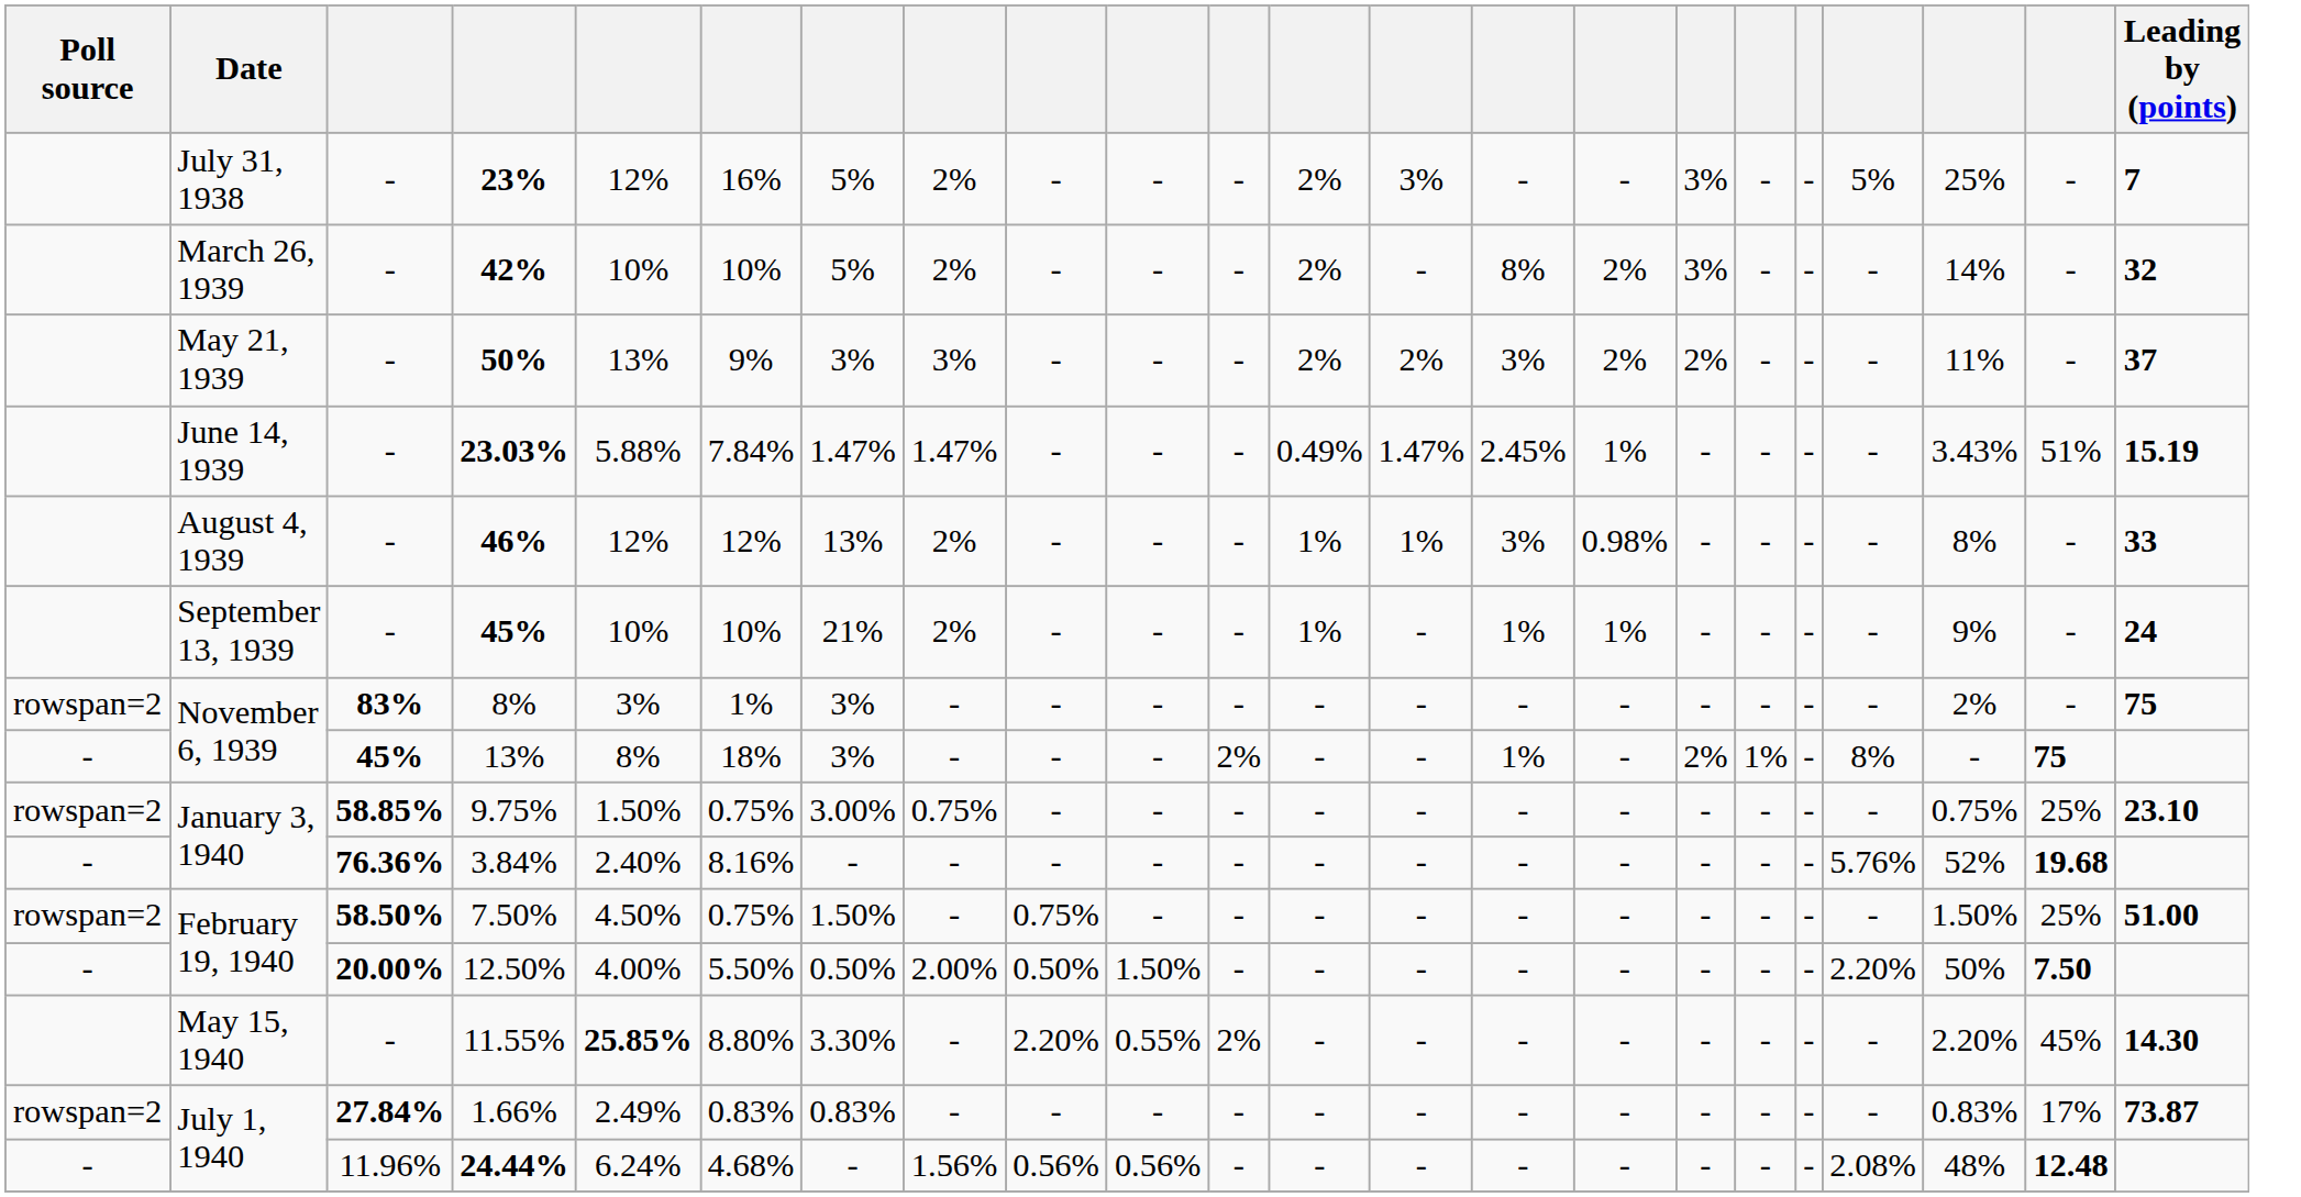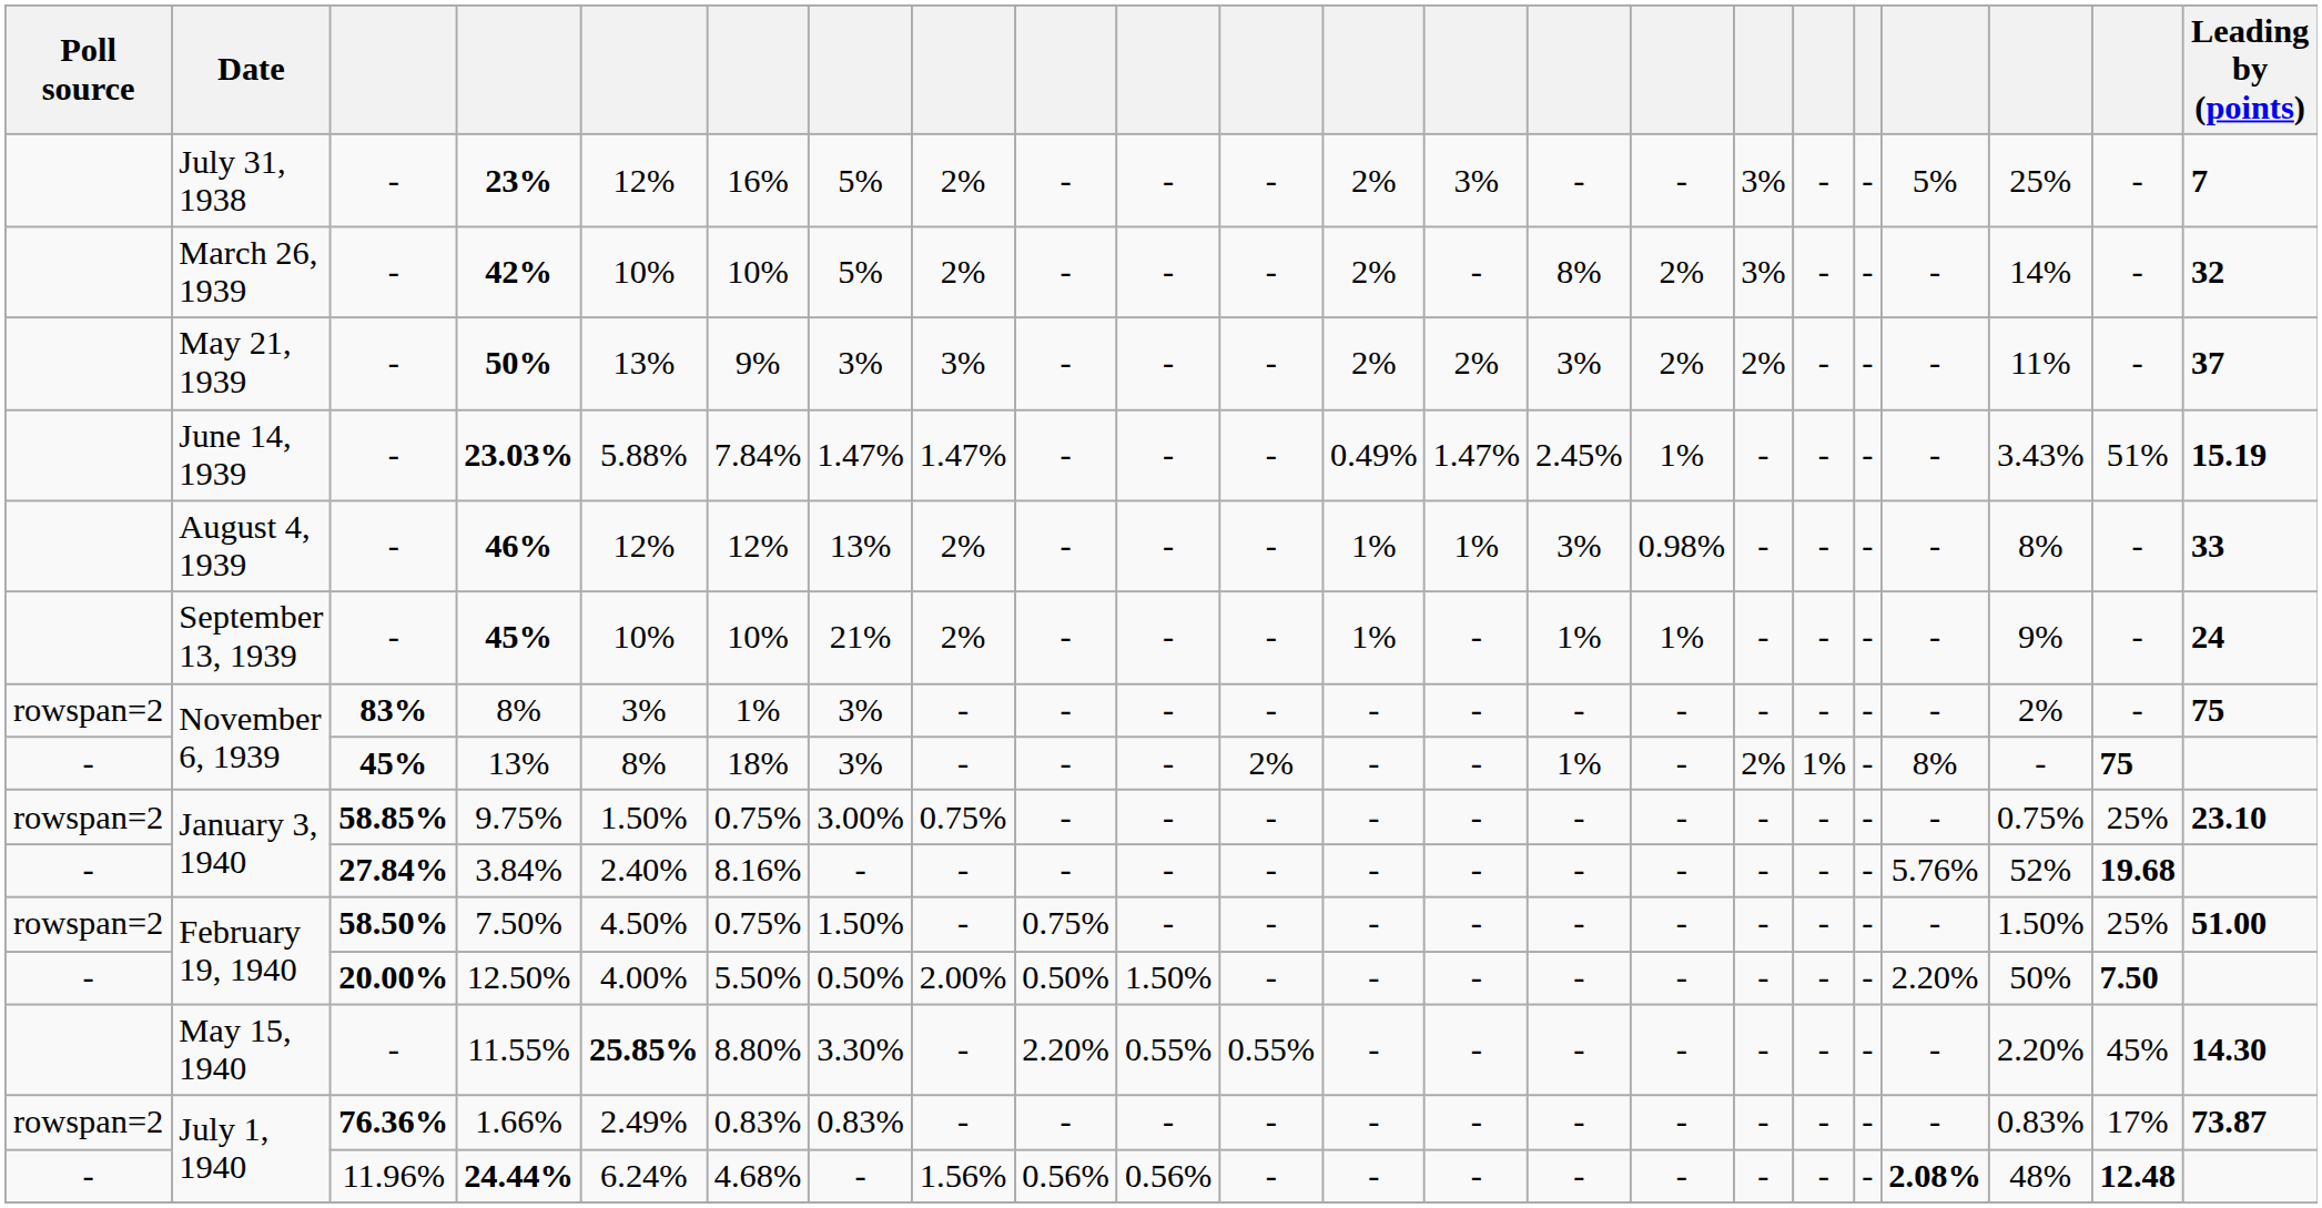 <table class="wikitable sortable">
 <tr>
 <th>Poll source</th>
 <th>Date</th>
 <th></th>
 <th></th>
 <th></th>
 <th></th>
 <th></th>
 <th></th>
 <th></th>
 <th></th>
 <th></th>
 <th></th>
 <th></th>
 <th></th>
 <th></th>
 <th></th>
 <th></th>
 <th></th>
 <th></th>
 <th></th>
 <th></th>
 <th>Leading by<br>(<a href='#'>points</a>)</th>
 </tr>
 <tr>
 <td></td>
 <td>July 31, 1938</td>
 <td align="center">-</td>
 <td align="center" ><strong>23%</strong></td>
 <td align="center">12%</td>
 <td align="center">16%</td>
 <td align="center">5%</td>
 <td align="center">2%</td>
 <td align="center">-</td>
 <td align="center">-</td>
 <td align="center">-</td>
 <td align="center">2%</td>
 <td align="center">3%</td>
 <td align="center">-</td>
 <td align="center">-</td>
 <td align="center">3%</td>
 <td align="center">-</td>
 <td align="center">-</td>
 <td align="center">5%</td>
 <td align="center">25%</td>
 <td align="center">- </td>
 <td><strong>7</strong></td>
 </tr>
 <tr>
 <td></td>
 <td>March 26, 1939</td>
 <td align="center">-</td>
 <td align="center" ><strong>42%</strong></td>
 <td align="center">10%</td>
 <td align="center">10%</td>
 <td align="center">5%</td>
 <td align="center">2%</td>
 <td align="center">-</td>
 <td align="center">-</td>
 <td align="center">-</td>
 <td align="center">2%</td>
 <td align="center">-</td>
 <td align="center">8%</td>
 <td align="center">2%</td>
 <td align="center">3%</td>
 <td align="center">-</td>
 <td align="center">-</td>
 <td align="center">-</td>
 <td align="center">14%</td>
 <td align="center">- </td>
 <td><strong>32</strong></td>
 </tr>
 <tr>
 <td></td>
 <td>May 21, 1939</td>
 <td align="center">-</td>
 <td align="center" ><strong>50%</strong></td>
 <td align="center">13%</td>
 <td align="center">9%</td>
 <td align="center">3%</td>
 <td align="center">3%</td>
 <td align="center">-</td>
 <td align="center">-</td>
 <td align="center">-</td>
 <td align="center">2%</td>
 <td align="center">2%</td>
 <td align="center">3%</td>
 <td align="center">2%</td>
 <td align="center">2%</td>
 <td align="center">-</td>
 <td align="center">-</td>
 <td align="center">-</td>
 <td align="center">11%</td>
 <td align="center">- </td>
 <td><strong>37</strong></td>
 </tr>
 <tr>
 <td></td>
 <td>June 14, 1939</td>
 <td align="center">-</td>
 <td align="center" ><strong>23.03%</strong></td>
 <td align="center">5.88%</td>
 <td align="center">7.84%</td>
 <td align="center">1.47%</td>
 <td align="center">1.47%</td>
 <td align="center">-</td>
 <td align="center">-</td>
 <td align="center">-</td>
 <td align="center">0.49%</td>
 <td align="center">1.47%</td>
 <td align="center">2.45%</td>
 <td align="center">1%</td>
 <td align="center">-</td>
 <td align="center">-</td>
 <td align="center">-</td>
 <td align="center">-</td>
 <td align="center">3.43%</td>
 <td align="center">51%</td>
 <td><strong>15.19</strong></td>
 </tr>
 <tr>
 <td></td>
 <td>August 4, 1939</td>
 <td align="center">-</td>
 <td align="center" ><strong>46%</strong></td>
 <td align="center">12%</td>
 <td align="center">12%</td>
 <td align="center">13%</td>
 <td align="center">2%</td>
 <td align="center">-</td>
 <td align="center">-</td>
 <td align="center">-</td>
 <td align="center">1%</td>
 <td align="center">1%</td>
 <td align="center">3%</td>
 <td align="center">0.98%</td>
 <td align="center">-</td>
 <td align="center">-</td>
 <td align="center">-</td>
 <td align="center">-</td>
 <td align="center">8%</td>
 <td align="center">- </td>
 <td><strong>33</strong></td>
 </tr>
 <tr>
 <td></td>
 <td>September 13, 1939</td>
 <td align="center">-</td>
 <td align="center" ><strong>45%</strong></td>
 <td align="center">10%</td>
 <td align="center">10%</td>
 <td align="center">21%</td>
 <td align="center">2%</td>
 <td align="center">-</td>
 <td align="center">-</td>
 <td align="center">-</td>
 <td align="center">1%</td>
 <td align="center">-</td>
 <td align="center">1%</td>
 <td align="center">1%</td>
 <td align="center">-</td>
 <td align="center">-</td>
 <td align="center">-</td>
 <td align="center">-</td>
 <td align="center">9%</td>
 <td align="center">- </td>
 <td><strong>24</strong></td>
 </tr>
 <tr>
 <td>rowspan=2 </td>
 <td rowspan=2>November 6, 1939</td>
 <td align="center" ><strong>83%</strong></td>
 <td align="center">8%</td>
 <td align="center">3%</td>
 <td align="center">1%</td>
 <td align="center">3%</td>
 <td align="center">-</td>
 <td align="center">-</td>
 <td align="center">-</td>
 <td align="center">-</td>
 <td align="center">-</td>
 <td align="center">-</td>
 <td align="center">-</td>
 <td align="center">-</td>
 <td align="center">-</td>
 <td align="center">-</td>
 <td align="center">-</td>
 <td align="center">-</td>
 <td align="center">2%</td>
 <td align="center">- </td>
 <td><strong>75</strong></td>
 </tr>
 <tr>
 <td align="center">-</td>
 <td align="center" ><strong>45%</strong></td>
 <td align="center">13%</td>
 <td align="center">8%</td>
 <td align="center">18%</td>
 <td align="center">3%</td>
 <td align="center">-</td>
 <td align="center">-</td>
 <td align="center">-</td>
 <td align="center">2%</td>
 <td align="center">-</td>
 <td align="center">-</td>
 <td align="center">1%</td>
 <td align="center">-</td>
 <td align="center">2%</td>
 <td align="center">1%</td>
 <td align="center">-</td>
 <td align="center">8%</td>
 <td align="center">- </td>
 <td><strong>75</strong></td>
 </tr>
 <tr>
 <td>rowspan=2 </td>
 <td rowspan=2>January 3, 1940</td>
 <td align="center" ><strong>58.85%</strong></td>
 <td align="center">9.75%</td>
 <td align="center">1.50%</td>
 <td align="center">0.75%</td>
 <td align="center">3.00%</td>
 <td align="center">0.75%</td>
 <td align="center">-</td>
 <td align="center">-</td>
 <td align="center">-</td>
 <td align="center">-</td>
 <td align="center">-</td>
 <td align="center">-</td>
 <td align="center">-</td>
 <td align="center">-</td>
 <td align="center">-</td>
 <td align="center">-</td>
 <td align="center">-</td>
 <td align="center">0.75%</td>
 <td align="center">25%</td>
 <td><strong>23.10</strong></td>
 </tr>
 <tr>
 <td align="center">-</td>
-<td align="center" ><strong>76.36%</strong></td>
+<td align="center" ><strong>27.84%</strong></td>
 <td align="center">3.84%</td>
 <td align="center">2.40%</td>
 <td align="center">8.16%</td>
 <td align="center">-</td>
 <td align="center">-</td>
 <td align="center">-</td>
 <td align="center">-</td>
 <td align="center">-</td>
 <td align="center">-</td>
 <td align="center">-</td>
 <td align="center">-</td>
 <td align="center">-</td>
 <td align="center">-</td>
 <td align="center">-</td>
 <td align="center">-</td>
 <td align="center">5.76%</td>
 <td align="center">52%</td>
 <td><strong>19.68</strong></td>
 </tr>
 <tr>
 <td>rowspan=2 </td>
 <td rowspan=2>February 19, 1940</td>
 <td align="center" ><strong>58.50%</strong></td>
 <td align="center">7.50%</td>
 <td align="center">4.50%</td>
 <td align="center">0.75%</td>
 <td align="center">1.50%</td>
 <td align="center">-</td>
 <td align="center">0.75%</td>
 <td align="center">-</td>
 <td align="center">-</td>
 <td align="center">-</td>
 <td align="center">-</td>
 <td align="center">-</td>
 <td align="center">-</td>
 <td align="center">-</td>
 <td align="center">-</td>
 <td align="center">-</td>
 <td align="center">-</td>
 <td align="center">1.50%</td>
 <td align="center">25%</td>
 <td><strong>51.00</strong></td>
 </tr>
 <tr>
 <td align="center">-</td>
 <td align="center" ><strong>20.00%</strong></td>
 <td align="center">12.50%</td>
 <td align="center">4.00%</td>
 <td align="center">5.50%</td>
 <td align="center">0.50%</td>
 <td align="center">2.00%</td>
 <td align="center">0.50%</td>
 <td align="center">1.50%</td>
 <td align="center">-</td>
 <td align="center">-</td>
 <td align="center">-</td>
 <td align="center">-</td>
 <td align="center">-</td>
 <td align="center">-</td>
 <td align="center">-</td>
 <td align="center">-</td>
 <td align="center">2.20%</td>
 <td align="center">50%</td>
 <td><strong>7.50</strong></td>
 </tr>
 <tr>
 <td></td>
 <td>May 15, 1940</td>
 <td align="center">-</td>
 <td align="center">11.55%</td>
 <td align="center" ><strong>25.85%</strong></td>
 <td align="center">8.80%</td>
 <td align="center">3.30%</td>
 <td align="center">-</td>
 <td align="center">2.20%</td>
 <td align="center">0.55%</td>
-<td align="center">2%</td>
+<td align="center">0.55%</td>
 <td align="center">-</td>
 <td align="center">-</td>
 <td align="center">-</td>
 <td align="center">-</td>
 <td align="center">-</td>
 <td align="center">-</td>
 <td align="center">-</td>
 <td align="center">-</td>
 <td align="center">2.20%</td>
 <td align="center">45%</td>
 <td><strong>14.30</strong></td>
 </tr>
 <tr>
 <td>rowspan=2 </td>
 <td rowspan=2>July 1, 1940</td>
-<td align="center" ><strong>27.84%</strong></td>
+<td align="center" ><strong>76.36%</strong></td>
 <td align="center">1.66%</td>
 <td align="center">2.49%</td>
 <td align="center">0.83%</td>
 <td align="center">0.83%</td>
 <td align="center">-</td>
 <td align="center">-</td>
 <td align="center">-</td>
 <td align="center">-</td>
 <td align="center">-</td>
 <td align="center">-</td>
 <td align="center">-</td>
 <td align="center">-</td>
 <td align="center">-</td>
 <td align="center">-</td>
 <td align="center">-</td>
 <td align="center">-</td>
 <td align="center">0.83%</td>
 <td align="center">17%</td>
 <td><strong>73.87</strong></td>
 </tr>
 <tr>
 <td align="center">-</td>
 <td align="center">11.96%</td>
 <td align="center" ><strong>24.44%</strong></td>
 <td align="center">6.24%</td>
 <td align="center">4.68%</td>
 <td align="center">-</td>
 <td align="center">1.56%</td>
 <td align="center">0.56%</td>
 <td align="center">0.56%</td>
 <td align="center">-</td>
 <td align="center">-</td>
 <td align="center">-</td>
 <td align="center">-</td>
 <td align="center">-</td>
 <td align="center">-</td>
 <td align="center">-</td>
 <td align="center">-</td>
-<td align="center">2.08%</td>
+<td align="center"><strong>2.08%</strong></td>
 <td align="center">48%</td>
 <td><strong>12.48</strong></td>
 </tr>
 <tr>
 </tr>
 </table>
